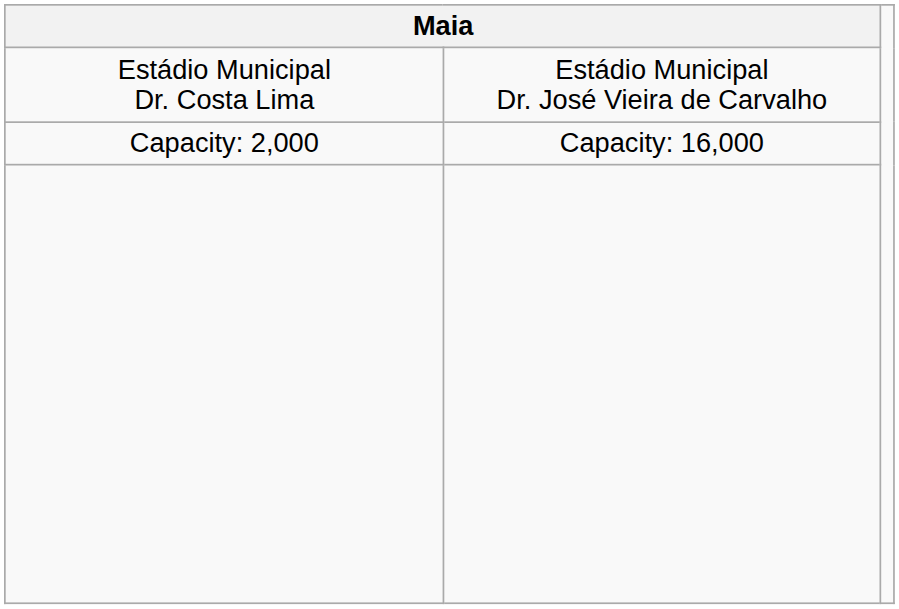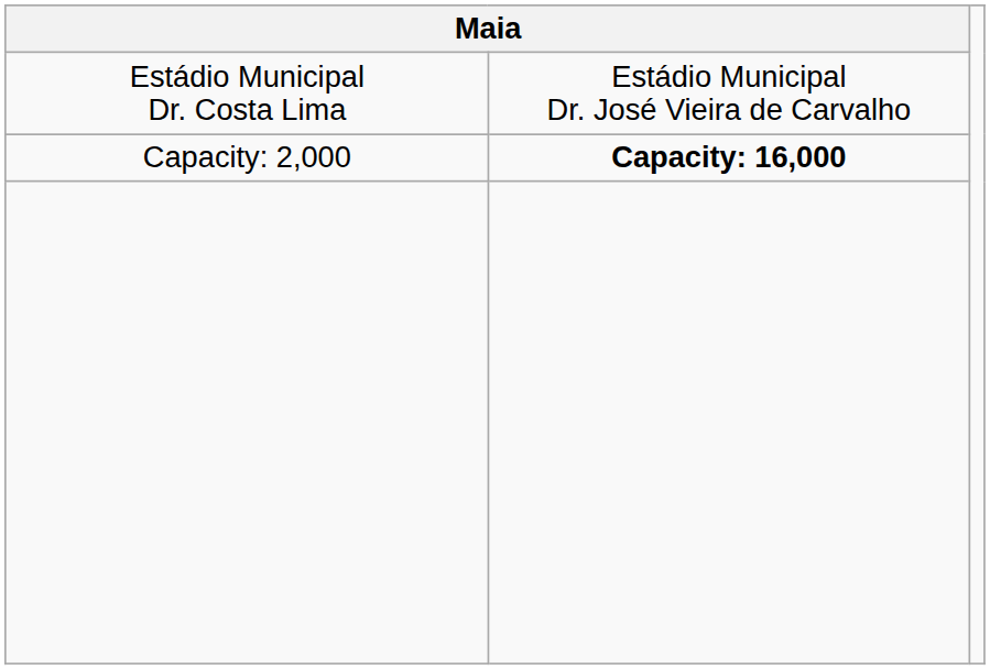 <table class="wikitable" style="text-align:center; margin:1em auto;">
 <tr>
 <th colspan="2">Maia</th>
 <td rowspan=4></td>
 </tr>
 <tr>
 <td>Estádio Municipal<br>Dr. Costa Lima</td>
 <td>Estádio Municipal<br>Dr. José Vieira de Carvalho</td>
 </tr>
 <tr>
 <td>Capacity: 2,000</td>
-<td>Capacity: 16,000</td>
+<td><strong>Capacity: 16,000</strong></td>
 </tr>
 <tr>
 <td height=250px width=250px></td>
 <td height=250px width=250px></td>
 </tr>
 </table>
